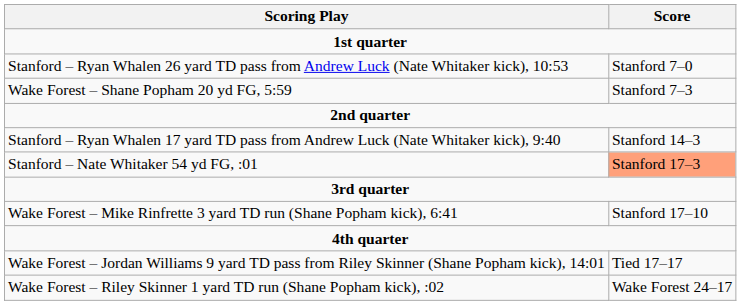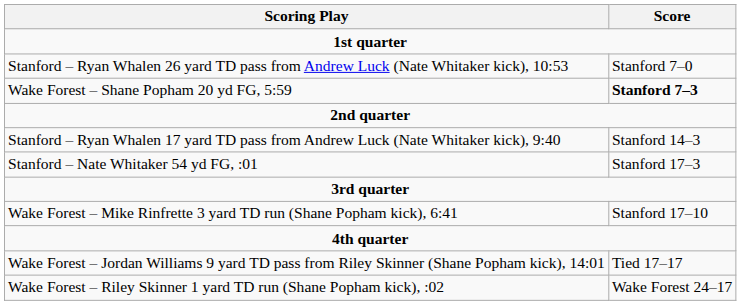 <table class="wikitable">
 <tr>
 <th>Scoring Play</th>
 <th>Score</th>
 </tr>
 <tr>
 <td colspan="4" align="center"><strong>1st quarter</strong></td>
 </tr>
 <tr>
 <td>Stanford – Ryan Whalen 26 yard TD pass from <a href='#'>Andrew Luck</a> (Nate Whitaker kick), 10:53</td>
 <td>Stanford 7–0</td>
 </tr>
 <tr>
 <td>Wake Forest – Shane Popham 20 yd FG, 5:59</td>
-<td>Stanford 7–3</td>
+<td><strong>Stanford 7–3</strong></td>
 </tr>
 <tr>
 <td colspan="4" align="center"><strong>2nd quarter</strong></td>
 </tr>
 <tr>
 <td>Stanford – Ryan Whalen 17 yard TD pass from Andrew Luck (Nate Whitaker kick), 9:40</td>
 <td>Stanford 14–3</td>
 </tr>
 <tr>
 <td>Stanford – Nate Whitaker 54 yd FG, :01</td>
-<td style="background: lightsalmon;">Stanford 17–3</td>
+<td>Stanford 17–3</td>
 </tr>
 <tr>
 <td colspan="6" align="center"><strong>3rd quarter</strong></td>
 </tr>
 <tr>
 <td>Wake Forest – Mike Rinfrette 3 yard TD run (Shane Popham kick), 6:41</td>
 <td>Stanford 17–10</td>
 </tr>
 <tr>
 <td colspan="6" align="center"><strong>4th quarter</strong></td>
 </tr>
 <tr>
 <td>Wake Forest – Jordan Williams 9 yard TD pass from Riley Skinner (Shane Popham kick), 14:01</td>
 <td>Tied 17–17</td>
 </tr>
 <tr>
 <td>Wake Forest – Riley Skinner 1 yard TD run (Shane Popham kick), :02</td>
 <td>Wake Forest 24–17</td>
 </tr>
 </table>
